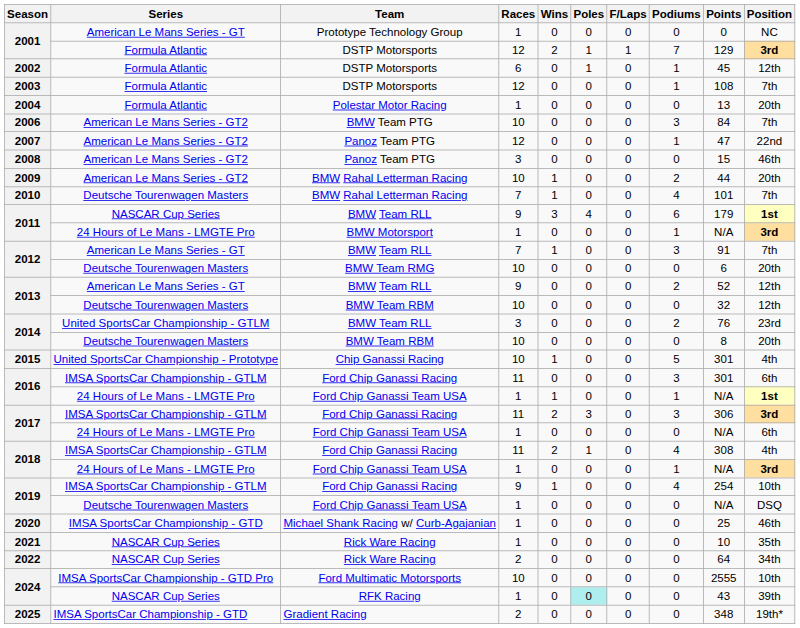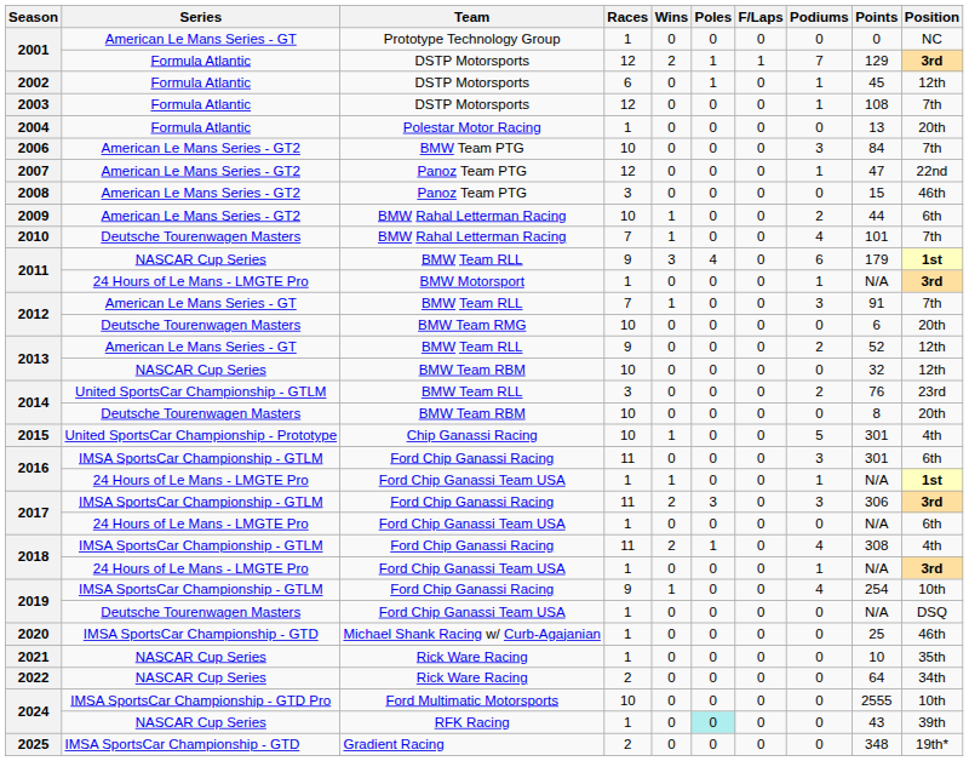 <table class="wikitable" style="font-size: 90%; text-align:center">
 <tr>
 <th>Season</th>
 <th>Series</th>
 <th>Team</th>
 <th>Races</th>
 <th>Wins</th>
 <th>Poles</th>
 <th>F/Laps</th>
 <th>Podiums</th>
 <th>Points</th>
 <th>Position</th>
 </tr>
 <tr>
 <th rowspan="2">2001</th>
 <td><a href='#'>American Le Mans Series - GT</a></td>
 <td>Prototype Technology Group</td>
 <td>1</td>
 <td>0</td>
 <td>0</td>
 <td>0</td>
 <td>0</td>
 <td>0</td>
 <td>NC</td>
 </tr>
 <tr>
 <td><a href='#'>Formula Atlantic</a></td>
 <td>DSTP Motorsports</td>
 <td>12</td>
 <td>2</td>
 <td>1</td>
 <td>1</td>
 <td>7</td>
 <td>129</td>
 <td style="background:#FFDF9F;”"><strong>3rd</strong></td>
 </tr>
 <tr>
 <th>2002</th>
 <td><a href='#'>Formula Atlantic</a></td>
 <td>DSTP Motorsports</td>
 <td>6</td>
 <td>0</td>
 <td>1</td>
 <td>0</td>
 <td>1</td>
 <td>45</td>
 <td>12th</td>
 </tr>
 <tr>
 <th>2003</th>
 <td><a href='#'>Formula Atlantic</a></td>
 <td>DSTP Motorsports</td>
 <td>12</td>
 <td>0</td>
 <td>0</td>
 <td>0</td>
 <td>1</td>
 <td>108</td>
 <td>7th</td>
 </tr>
 <tr>
 <th>2004</th>
 <td><a href='#'>Formula Atlantic</a></td>
 <td><a href='#'>Polestar Motor Racing</a></td>
 <td>1</td>
 <td>0</td>
 <td>0</td>
 <td>0</td>
 <td>0</td>
 <td>13</td>
 <td>20th</td>
 </tr>
 <tr>
 <th>2006</th>
 <td><a href='#'>American Le Mans Series - GT2</a></td>
 <td><a href='#'>BMW</a> Team PTG</td>
 <td>10</td>
 <td>0</td>
 <td>0</td>
 <td>0</td>
 <td>3</td>
 <td>84</td>
 <td>7th</td>
 </tr>
 <tr>
 <th>2007</th>
 <td><a href='#'>American Le Mans Series - GT2</a></td>
 <td><a href='#'>Panoz</a> Team PTG</td>
 <td>12</td>
 <td>0</td>
 <td>0</td>
 <td>0</td>
 <td>1</td>
 <td>47</td>
 <td>22nd</td>
 </tr>
 <tr>
 <th>2008</th>
 <td><a href='#'>American Le Mans Series - GT2</a></td>
 <td><a href='#'>Panoz</a> Team PTG</td>
 <td>3</td>
 <td>0</td>
 <td>0</td>
 <td>0</td>
 <td>0</td>
 <td>15</td>
 <td>46th</td>
 </tr>
 <tr>
 <th>2009</th>
 <td><a href='#'>American Le Mans Series - GT2</a></td>
 <td><a href='#'>BMW</a> <a href='#'>Rahal Letterman Racing</a></td>
 <td>10</td>
 <td>1</td>
 <td>0</td>
 <td>0</td>
 <td>2</td>
 <td>44</td>
-<td>20th</td>
+<td>6th</td>
 </tr>
 <tr>
 <th>2010</th>
 <td><a href='#'>Deutsche Tourenwagen Masters</a></td>
 <td><a href='#'>BMW</a> <a href='#'>Rahal Letterman Racing</a></td>
 <td>7</td>
 <td>1</td>
 <td>0</td>
 <td>0</td>
 <td>4</td>
 <td>101</td>
 <td>7th</td>
 </tr>
 <tr>
 <th rowspan="2">2011</th>
 <td><a href='#'>NASCAR Cup Series</a></td>
 <td><a href='#'>BMW</a> <a href='#'>Team RLL</a></td>
 <td>9</td>
 <td>3</td>
 <td>4</td>
 <td>0</td>
 <td>6</td>
 <td>179</td>
 <td style="background:#FFFFBF;”"><strong>1st</strong></td>
 </tr>
 <tr>
 <td><a href='#'>24 Hours of Le Mans - LMGTE Pro</a></td>
 <td><a href='#'>BMW Motorsport</a></td>
 <td>1</td>
 <td>0</td>
 <td>0</td>
 <td>0</td>
 <td>1</td>
 <td>N/A</td>
 <td style="background:#FFDF9F;”"><strong>3rd</strong></td>
 </tr>
 <tr>
 <th rowspan="2">2012</th>
 <td><a href='#'>American Le Mans Series - GT</a></td>
 <td><a href='#'>BMW</a> <a href='#'>Team RLL</a></td>
 <td>7</td>
 <td>1</td>
 <td>0</td>
 <td>0</td>
 <td>3</td>
 <td>91</td>
 <td>7th</td>
 </tr>
 <tr>
 <td><a href='#'>Deutsche Tourenwagen Masters</a></td>
 <td><a href='#'>BMW Team RMG</a></td>
 <td>10</td>
 <td>0</td>
 <td>0</td>
 <td>0</td>
 <td>0</td>
 <td>6</td>
 <td>20th</td>
 </tr>
 <tr>
 <th rowspan="2">2013</th>
 <td><a href='#'>American Le Mans Series - GT</a></td>
 <td><a href='#'>BMW</a> <a href='#'>Team RLL</a></td>
 <td>9</td>
 <td>0</td>
 <td>0</td>
 <td>0</td>
 <td>2</td>
 <td>52</td>
 <td>12th</td>
 </tr>
 <tr>
-<td><a href='#'>Deutsche Tourenwagen Masters</a></td>
+<td><a href='#'>NASCAR Cup Series</a></td>
 <td><a href='#'>BMW Team RBM</a></td>
 <td>10</td>
 <td>0</td>
 <td>0</td>
 <td>0</td>
 <td>0</td>
 <td>32</td>
 <td>12th</td>
 </tr>
 <tr>
 <th rowspan="2">2014</th>
 <td><a href='#'>United SportsCar Championship - GTLM</a></td>
 <td><a href='#'>BMW Team RLL</a></td>
 <td>3</td>
 <td>0</td>
 <td>0</td>
 <td>0</td>
 <td>2</td>
 <td>76</td>
 <td>23rd</td>
 </tr>
 <tr>
 <td><a href='#'>Deutsche Tourenwagen Masters</a></td>
 <td><a href='#'>BMW Team RBM</a></td>
 <td>10</td>
 <td>0</td>
 <td>0</td>
 <td>0</td>
 <td>0</td>
 <td>8</td>
 <td>20th</td>
 </tr>
 <tr>
 <th>2015</th>
 <td><a href='#'>United SportsCar Championship - Prototype</a></td>
 <td><a href='#'>Chip Ganassi Racing</a></td>
 <td>10</td>
 <td>1</td>
 <td>0</td>
 <td>0</td>
 <td>5</td>
 <td>301</td>
 <td>4th</td>
 </tr>
 <tr>
 <th rowspan="2">2016</th>
 <td><a href='#'>IMSA SportsCar Championship - GTLM</a></td>
 <td><a href='#'>Ford Chip Ganassi Racing</a></td>
 <td>11</td>
 <td>0</td>
 <td>0</td>
 <td>0</td>
 <td>3</td>
 <td>301</td>
 <td>6th</td>
 </tr>
 <tr>
 <td><a href='#'>24 Hours of Le Mans - LMGTE Pro</a></td>
 <td><a href='#'>Ford Chip Ganassi Team USA</a></td>
 <td>1</td>
 <td>1</td>
 <td>0</td>
 <td>0</td>
 <td>1</td>
 <td>N/A</td>
 <td style="background:#FFFFBF;”"><strong>1st</strong></td>
 </tr>
 <tr>
 <th rowspan="2">2017</th>
 <td><a href='#'>IMSA SportsCar Championship - GTLM</a></td>
 <td><a href='#'>Ford Chip Ganassi Racing</a></td>
 <td>11</td>
 <td>2</td>
 <td>3</td>
 <td>0</td>
 <td>3</td>
 <td>306</td>
 <td style="background:#FFDF9F;”"><strong>3rd</strong></td>
 </tr>
 <tr>
 <td><a href='#'>24 Hours of Le Mans - LMGTE Pro</a></td>
 <td><a href='#'>Ford Chip Ganassi Team USA</a></td>
 <td>1</td>
 <td>0</td>
 <td>0</td>
 <td>0</td>
 <td>0</td>
 <td>N/A</td>
 <td>6th</td>
 </tr>
 <tr>
 <th rowspan="2">2018</th>
 <td><a href='#'>IMSA SportsCar Championship - GTLM</a></td>
 <td><a href='#'>Ford Chip Ganassi Racing</a></td>
 <td>11</td>
 <td>2</td>
 <td>1</td>
 <td>0</td>
 <td>4</td>
 <td>308</td>
 <td>4th</td>
 </tr>
 <tr>
 <td><a href='#'>24 Hours of Le Mans - LMGTE Pro</a></td>
 <td><a href='#'>Ford Chip Ganassi Team USA</a></td>
 <td>1</td>
 <td>0</td>
 <td>0</td>
 <td>0</td>
 <td>1</td>
 <td>N/A</td>
 <td style="background:#FFDF9F;”"><strong>3rd</strong></td>
 </tr>
 <tr>
 <th rowspan="2">2019</th>
 <td><a href='#'>IMSA SportsCar Championship - GTLM</a></td>
 <td><a href='#'>Ford Chip Ganassi Racing</a></td>
 <td>9</td>
 <td>1</td>
 <td>0</td>
 <td>0</td>
 <td>4</td>
 <td>254</td>
 <td>10th</td>
 </tr>
 <tr>
 <td><a href='#'>Deutsche Tourenwagen Masters</a></td>
 <td><a href='#'>Ford Chip Ganassi Team USA</a></td>
 <td>1</td>
 <td>0</td>
 <td>0</td>
 <td>0</td>
 <td>0</td>
 <td>N/A</td>
 <td>DSQ</td>
 </tr>
 <tr>
 <th>2020</th>
 <td><a href='#'>IMSA SportsCar Championship - GTD</a></td>
 <td><a href='#'>Michael Shank Racing</a> w/ <a href='#'>Curb-Agajanian</a></td>
 <td>1</td>
 <td>0</td>
 <td>0</td>
 <td>0</td>
 <td>0</td>
 <td>25</td>
 <td>46th</td>
 </tr>
 <tr>
 <th>2021</th>
 <td><a href='#'>NASCAR Cup Series</a></td>
 <td><a href='#'>Rick Ware Racing</a></td>
 <td>1</td>
 <td>0</td>
 <td>0</td>
 <td>0</td>
 <td>0</td>
 <td>10</td>
 <td>35th</td>
 </tr>
 <tr>
 <th>2022</th>
 <td><a href='#'>NASCAR Cup Series</a></td>
 <td><a href='#'>Rick Ware Racing</a></td>
 <td>2</td>
 <td>0</td>
 <td>0</td>
 <td>0</td>
 <td>0</td>
 <td>64</td>
 <td>34th</td>
 </tr>
 <tr>
 <th rowspan=2>2024</th>
 <td><a href='#'>IMSA SportsCar Championship - GTD Pro</a></td>
 <td><a href='#'>Ford Multimatic Motorsports</a></td>
 <td>10</td>
 <td>0</td>
 <td>0</td>
 <td>0</td>
 <td>0</td>
 <td>2555</td>
 <td>10th</td>
 </tr>
 <tr>
 <td><a href='#'>NASCAR Cup Series</a></td>
 <td><a href='#'>RFK Racing</a></td>
 <td>1</td>
 <td>0</td>
 <td style="background: paleturquoise;">0</td>
 <td>0</td>
 <td>0</td>
 <td>43</td>
 <td>39th</td>
 </tr>
 <tr>
 <th>2025</th>
 <td align=left><a href='#'>IMSA SportsCar Championship - GTD</a></td>
 <td align=left><a href='#'>Gradient Racing</a></td>
 <td>2</td>
 <td>0</td>
 <td>0</td>
 <td>0</td>
 <td>0</td>
 <td>348</td>
 <td>19th*</td>
 </tr>
 </table>
